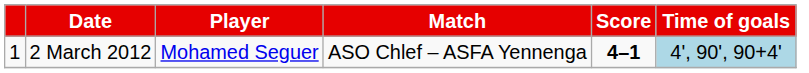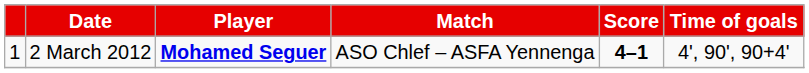 <table border="0" class="wikitable" style="text-align:center;font-size:95%">
 <tr>
 <th style="color:#FFFFFF; background:#E60000;"></th>
 <th style="color:#FFFFFF; background:#E60000;">Date</th>
 <th style="color:#FFFFFF; background:#E60000;">Player</th>
 <th style="color:#FFFFFF; background:#E60000;">Match</th>
 <th width="35" style="color:#FFFFFF; background:#E60000;">Score</th>
 <th width="100" style="color:#FFFFFF; background:#E60000;">Time of goals</th>
 </tr>
 <tr>
 <td align=left>1</td>
 <td align=left>2 March 2012</td>
-<td align=left><a href='#'>Mohamed Seguer</a></td>
+<td align=left><strong><a href='#'>Mohamed Seguer</a></strong></td>
 <td align=left>ASO Chlef – ASFA Yennenga</td>
 <td align=center><strong>4–1</strong></td>
-<td align=center style="background: lightblue;">4', 90', 90+4'</td>
+<td align=center>4', 90', 90+4'</td>
 </tr>
 <tr>
 </tr>
 </table>
